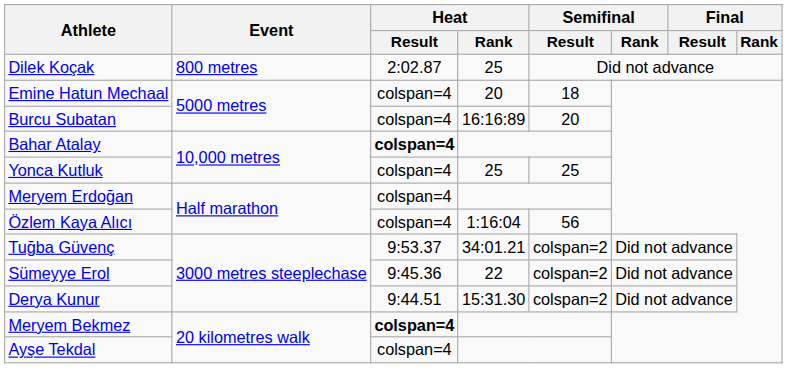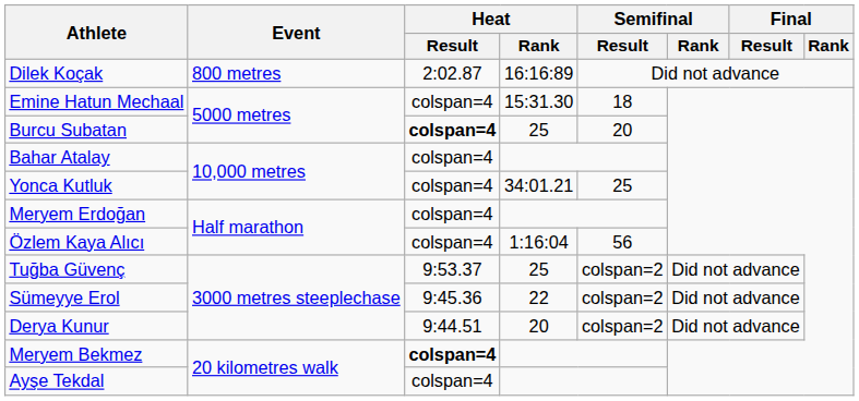 <table class=wikitable style=font-size:90%>
 <tr>
 <th rowspan=2>Athlete</th>
 <th rowspan=2>Event</th>
 <th colspan=2>Heat</th>
 <th colspan=2>Semifinal</th>
 <th colspan=2>Final</th>
 </tr>
 <tr style=font-size:95%>
 <th>Result</th>
 <th>Rank</th>
 <th>Result</th>
 <th>Rank</th>
 <th>Result</th>
 <th>Rank</th>
 </tr>
 <tr align=center>
 <td align=left><a href='#'>Dilek Koçak</a></td>
 <td align=left><a href='#'>800 metres</a></td>
 <td>2:02.87</td>
-<td>25</td>
+<td>16:16:89</td>
 <td colspan=4>Did not advance</td>
 </tr>
 <tr align=center>
 <td align=left><a href='#'>Emine Hatun Mechaal</a></td>
 <td align=left rowspan=2><a href='#'>5000 metres</a></td>
 <td>colspan=4</td>
-<td>20</td>
+<td>15:31.30</td>
 <td>18</td>
 </tr>
 <tr align=center>
 <td align=left><a href='#'>Burcu Subatan</a></td>
-<td>colspan=4</td>
-<td>16:16:89</td>
+<td><strong>colspan=4</strong></td>
+<td>25</td>
 <td>20</td>
 </tr>
 <tr align=center>
 <td align=left><a href='#'>Bahar Atalay</a></td>
 <td align=left rowspan=2><a href='#'>10,000 metres</a></td>
-<td><strong>colspan=4</strong></td>
+<td>colspan=4</td>
 <td colspan=2></td>
 </tr>
 <tr align=center>
 <td align=left><a href='#'>Yonca Kutluk</a></td>
 <td>colspan=4</td>
-<td>25</td>
+<td>34:01.21</td>
 <td>25</td>
 </tr>
 <tr align=center>
 <td align=left><a href='#'>Meryem Erdoğan</a></td>
 <td align=left rowspan=2><a href='#'>Half marathon</a></td>
 <td>colspan=4</td>
 <td colspan=2></td>
 </tr>
 <tr align=center>
 <td align=left><a href='#'>Özlem Kaya Alıcı</a></td>
 <td>colspan=4</td>
 <td>1:16:04</td>
 <td>56</td>
 </tr>
 <tr align=center>
 <td align=left><a href='#'>Tuğba Güvenç</a></td>
 <td align=left rowspan=3><a href='#'>3000 metres steeplechase</a></td>
 <td>9:53.37</td>
-<td>34:01.21</td>
+<td>25</td>
 <td>colspan=2</td>
 <td colspan=2>Did not advance</td>
 </tr>
 <tr align=center>
 <td align=left><a href='#'>Sümeyye Erol</a></td>
 <td>9:45.36</td>
 <td>22</td>
 <td>colspan=2</td>
 <td colspan=2>Did not advance</td>
 </tr>
 <tr align=center>
 <td align=left><a href='#'>Derya Kunur</a></td>
 <td>9:44.51</td>
-<td>15:31.30</td>
+<td>20</td>
 <td>colspan=2</td>
 <td colspan=2>Did not advance</td>
 </tr>
 <tr align=center>
 <td align=left><a href='#'>Meryem Bekmez</a></td>
 <td align=left rowspan=2><a href='#'>20 kilometres walk</a></td>
 <td><strong>colspan=4</strong></td>
 <td colspan=2></td>
 </tr>
 <tr align=center>
 <td align=left><a href='#'>Ayşe Tekdal</a></td>
 <td>colspan=4</td>
 <td colspan=2></td>
 </tr>
 </table>
